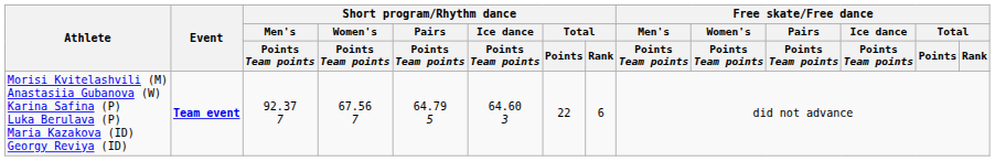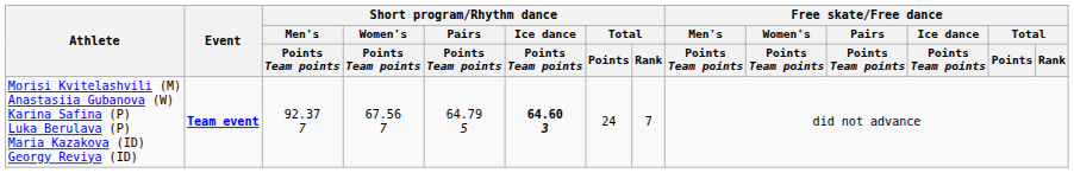 <table class="wikitable" style="font-size:90%">
 <tr>
 <th rowspan=3>Athlete</th>
 <th rowspan=3>Event</th>
 <th colspan=6>Short program/Rhythm dance</th>
 <th colspan=6>Free skate/Free dance</th>
 </tr>
 <tr style="font-size:95%">
 <th>Men's</th>
 <th>Women's</th>
 <th>Pairs</th>
 <th>Ice dance</th>
 <th colspan=2>Total</th>
 <th>Men's</th>
 <th>Women's</th>
 <th>Pairs</th>
 <th>Ice dance</th>
 <th colspan=2>Total</th>
 </tr>
 <tr style="font-size:95%">
 <th>Points <br><em>Team points</em></th>
 <th>Points<br><em>Team points</em></th>
 <th>Points<br><em>Team points</em></th>
 <th>Points<br><em>Team points</em></th>
 <th>Points</th>
 <th>Rank</th>
 <th>Points<br><em>Team points</em></th>
 <th>Points<br><em>Team points</em></th>
 <th>Points<br><em>Team points</em></th>
 <th>Points<br><em>Team points</em></th>
 <th>Points</th>
 <th>Rank</th>
 </tr>
 <tr align=center>
 <td align=left><a href='#'>Morisi Kvitelashvili</a> (M)<br><a href='#'>Anastasiia Gubanova</a> (W)<br><a href='#'>Karina Safina</a> (P)<br><a href='#'>Luka Berulava</a> (P)<br><a href='#'>Maria Kazakova</a> (ID)<br><a href='#'>Georgy Reviya</a> (ID)</td>
 <td align=left><strong><a href='#'>Team event</a></strong></td>
 <td>92.37 <br> <em>7</em></td>
 <td>67.56 <br> <em>7</em></td>
 <td>64.79 <br> <em>5</em></td>
-<td>64.60 <br><em>3</em></td>
-<td>22</td>
-<td>6</td>
+<td><strong>64.60 <br><em>3</em></strong></td>
+<td>24</td>
+<td>7</td>
 <td colspan=6>did not advance</td>
 </tr>
 </table>
